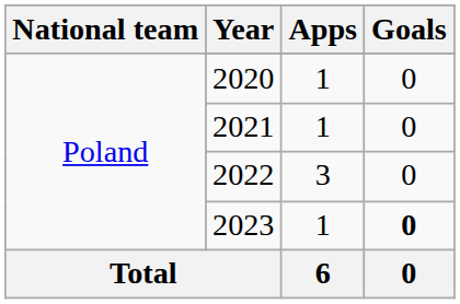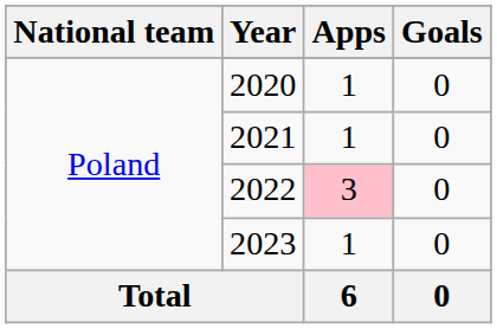 <table class="wikitable" style="text-align:center">
 <tr>
 <th>National team</th>
 <th>Year</th>
 <th>Apps</th>
 <th>Goals</th>
 </tr>
 <tr>
 <td rowspan="5"><a href='#'>Poland</a></td>
 </tr>
 <tr>
 <td>2020</td>
 <td>1</td>
 <td>0</td>
 </tr>
 <tr>
 <td>2021</td>
 <td>1</td>
 <td>0</td>
 </tr>
 <tr>
 <td>2022</td>
-<td>3</td>
+<td style="background: pink;">3</td>
 <td>0</td>
 </tr>
 <tr>
 <td>2023</td>
 <td>1</td>
-<td><strong>0</strong></td>
+<td>0</td>
 </tr>
 <tr>
 <th colspan="2">Total</th>
 <th>6</th>
 <th>0</th>
 </tr>
 </table>
